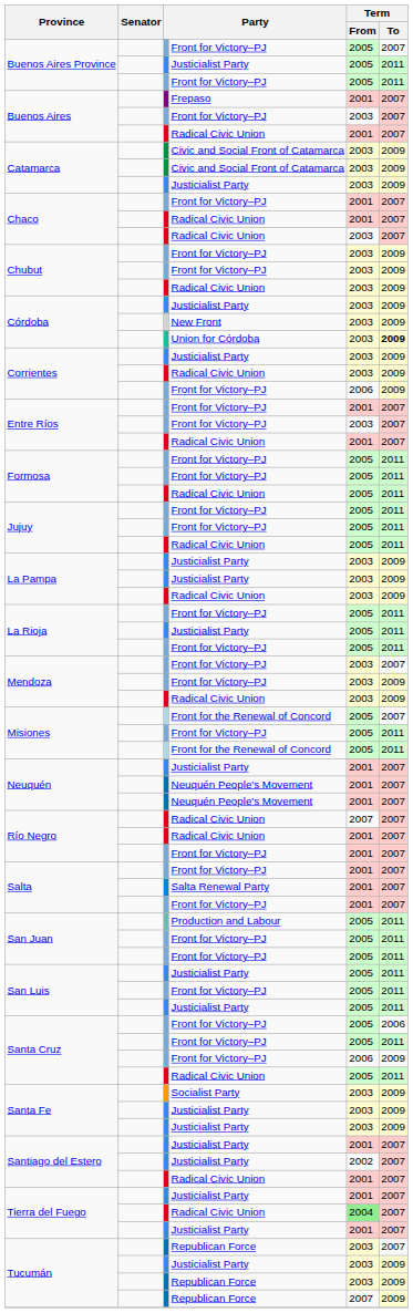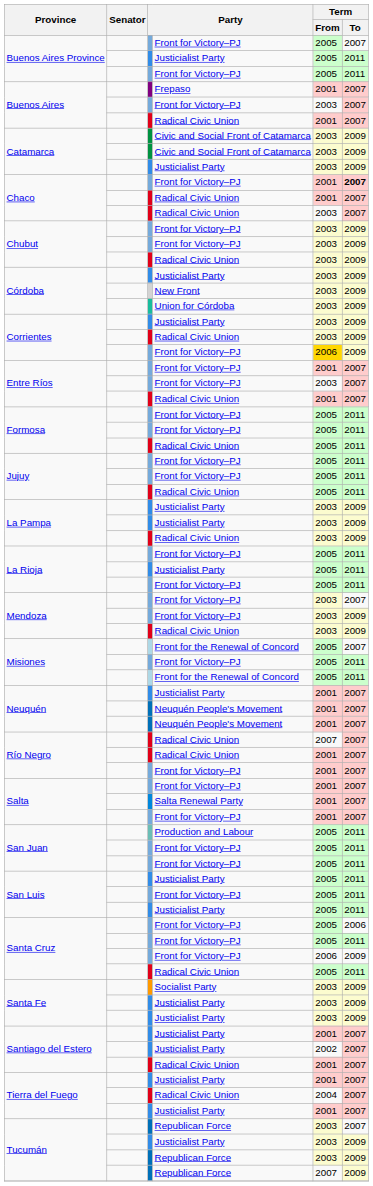 <table class="sortable wikitable">
 <tr>
 <th rowspan=2>Province</th>
 <th rowspan=2>Senator</th>
 <th colspan=2 rowspan=2>Party</th>
 <th colspan=2>Term</th>
 </tr>
 <tr>
 <th>From</th>
 <th>To</th>
 </tr>
 <tr>
 <td rowspan=3><a href='#'>Buenos Aires Province</a></td>
 <td></td>
 <td bgcolor=#75AADB></td>
 <td><a href='#'>Front for Victory–PJ</a></td>
 <td bgcolor=#cfc>2005</td>
 <td>2007</td>
 </tr>
 <tr>
 <td></td>
 <td bgcolor=#318CE7></td>
 <td><a href='#'>Justicialist Party</a></td>
 <td bgcolor=#cfc>2005</td>
 <td bgcolor=#cfc>2011</td>
 </tr>
 <tr>
 <td></td>
 <td bgcolor=#75AADB></td>
 <td><a href='#'>Front for Victory–PJ</a></td>
 <td bgcolor=#cfc>2005</td>
 <td bgcolor=#cfc>2011</td>
 </tr>
 <tr>
 <td rowspan=3><a href='#'>Buenos Aires</a></td>
 <td></td>
 <td bgcolor=purple></td>
 <td><a href='#'>Frepaso</a></td>
 <td bgcolor="#fcc">2001</td>
 <td bgcolor="#fcc">2007</td>
 </tr>
 <tr>
 <td></td>
 <td bgcolor=#75AADB></td>
 <td><a href='#'>Front for Victory–PJ</a></td>
 <td>2003</td>
 <td bgcolor="#fcc">2007</td>
 </tr>
 <tr>
 <td></td>
 <td bgcolor=#E10019></td>
 <td><a href='#'>Radical Civic Union</a></td>
 <td bgcolor="#fcc">2001</td>
 <td bgcolor="#fcc">2007</td>
 </tr>
 <tr>
 <td rowspan=3><a href='#'>Catamarca</a></td>
 <td></td>
 <td bgcolor=#009241></td>
 <td><a href='#'>Civic and Social Front of Catamarca</a></td>
 <td bgcolor=#fcfccf>2003</td>
 <td bgcolor=#fcfccf>2009</td>
 </tr>
 <tr>
 <td></td>
 <td bgcolor=#009241></td>
 <td><a href='#'>Civic and Social Front of Catamarca</a></td>
 <td bgcolor=#fcfccf>2003</td>
 <td bgcolor=#fcfccf>2009</td>
 </tr>
 <tr>
 <td></td>
 <td bgcolor=#318CE7></td>
 <td><a href='#'>Justicialist Party</a></td>
 <td bgcolor=#fcfccf>2003</td>
 <td bgcolor=#fcfccf>2009</td>
 </tr>
 <tr>
 <td rowspan=3><a href='#'>Chaco</a></td>
 <td></td>
 <td bgcolor=#75AADB></td>
 <td><a href='#'>Front for Victory–PJ</a></td>
 <td bgcolor="#fcc">2001</td>
-<td bgcolor="#fcc">2007</td>
+<td bgcolor="#fcc"><strong>2007</strong></td>
 </tr>
 <tr>
 <td></td>
 <td bgcolor=#E10019></td>
 <td><a href='#'>Radical Civic Union</a></td>
 <td bgcolor="#fcc">2001</td>
 <td bgcolor="#fcc">2007</td>
 </tr>
 <tr>
 <td></td>
 <td bgcolor=#E10019></td>
 <td><a href='#'>Radical Civic Union</a></td>
 <td>2003</td>
 <td bgcolor="#fcc">2007</td>
 </tr>
 <tr>
 <td rowspan=3><a href='#'>Chubut</a></td>
 <td></td>
 <td bgcolor=#75AADB></td>
 <td><a href='#'>Front for Victory–PJ</a></td>
 <td bgcolor=#fcfccf>2003</td>
 <td bgcolor=#fcfccf>2009</td>
 </tr>
 <tr>
 <td></td>
 <td bgcolor=#75AADB></td>
 <td><a href='#'>Front for Victory–PJ</a></td>
 <td bgcolor=#fcfccf>2003</td>
 <td bgcolor=#fcfccf>2009</td>
 </tr>
 <tr>
 <td></td>
 <td bgcolor=#E10019></td>
 <td><a href='#'>Radical Civic Union</a></td>
 <td bgcolor=#fcfccf>2003</td>
 <td bgcolor=#fcfccf>2009</td>
 </tr>
 <tr>
 <td rowspan=3><a href='#'>Córdoba</a></td>
 <td></td>
 <td bgcolor=#318CE7></td>
 <td><a href='#'>Justicialist Party</a></td>
 <td bgcolor=#fcfccf>2003</td>
 <td bgcolor=#fcfccf>2009</td>
 </tr>
 <tr>
 <td></td>
 <td bgcolor=#D3D3D3></td>
 <td><a href='#'>New Front</a></td>
 <td bgcolor=#fcfccf>2003</td>
 <td bgcolor=#fcfccf>2009</td>
 </tr>
 <tr>
 <td></td>
 <td bgcolor=#19bc9d></td>
 <td><a href='#'>Union for Córdoba</a></td>
 <td bgcolor=#fcfccf>2003</td>
-<td bgcolor=#fcfccf><strong>2009</strong></td>
+<td bgcolor=#fcfccf>2009</td>
 </tr>
 <tr>
 <td rowspan=3><a href='#'>Corrientes</a></td>
 <td></td>
 <td bgcolor=#318CE7></td>
 <td><a href='#'>Justicialist Party</a></td>
 <td bgcolor=#fcfccf>2003</td>
 <td bgcolor=#fcfccf>2009</td>
 </tr>
 <tr>
 <td></td>
 <td bgcolor=#E10019></td>
 <td><a href='#'>Radical Civic Union</a></td>
 <td bgcolor=#fcfccf>2003</td>
 <td bgcolor=#fcfccf>2009</td>
 </tr>
 <tr>
 <td></td>
 <td bgcolor=#75AADB></td>
 <td><a href='#'>Front for Victory–PJ</a></td>
-<td>2006</td>
+<td style="background: gold;">2006</td>
 <td bgcolor=#fcfccf>2009</td>
 </tr>
 <tr>
 <td rowspan=3><a href='#'>Entre Ríos</a></td>
 <td></td>
 <td bgcolor=#75AADB></td>
 <td><a href='#'>Front for Victory–PJ</a></td>
 <td bgcolor="#fcc">2001</td>
 <td bgcolor="#fcc">2007</td>
 </tr>
 <tr>
 <td></td>
 <td bgcolor=#75AADB></td>
 <td><a href='#'>Front for Victory–PJ</a></td>
 <td>2003</td>
 <td bgcolor="#fcc">2007</td>
 </tr>
 <tr>
 <td></td>
 <td bgcolor=#E10019></td>
 <td><a href='#'>Radical Civic Union</a></td>
 <td bgcolor="#fcc">2001</td>
 <td bgcolor="#fcc">2007</td>
 </tr>
 <tr>
 <td rowspan=3><a href='#'>Formosa</a></td>
 <td></td>
 <td bgcolor=#75AADB></td>
 <td><a href='#'>Front for Victory–PJ</a></td>
 <td bgcolor=#cfc>2005</td>
 <td bgcolor=#cfc>2011</td>
 </tr>
 <tr>
 <td></td>
 <td bgcolor=#75AADB></td>
 <td><a href='#'>Front for Victory–PJ</a></td>
 <td bgcolor=#cfc>2005</td>
 <td bgcolor=#cfc>2011</td>
 </tr>
 <tr>
 <td></td>
 <td bgcolor=#E10019></td>
 <td><a href='#'>Radical Civic Union</a></td>
 <td bgcolor=#cfc>2005</td>
 <td bgcolor=#cfc>2011</td>
 </tr>
 <tr>
 <td rowspan=3><a href='#'>Jujuy</a></td>
 <td></td>
 <td bgcolor=#75AADB></td>
 <td><a href='#'>Front for Victory–PJ</a></td>
 <td bgcolor=#cfc>2005</td>
 <td bgcolor=#cfc>2011</td>
 </tr>
 <tr>
 <td></td>
 <td bgcolor=#75AADB></td>
 <td><a href='#'>Front for Victory–PJ</a></td>
 <td bgcolor=#cfc>2005</td>
 <td bgcolor=#cfc>2011</td>
 </tr>
 <tr>
 <td></td>
 <td bgcolor=#E10019></td>
 <td><a href='#'>Radical Civic Union</a></td>
 <td bgcolor=#cfc>2005</td>
 <td bgcolor=#cfc>2011</td>
 </tr>
 <tr>
 <td rowspan=3><a href='#'>La Pampa</a></td>
 <td></td>
 <td bgcolor=#318CE7></td>
 <td><a href='#'>Justicialist Party</a></td>
 <td bgcolor=#fcfccf>2003</td>
 <td bgcolor=#fcfccf>2009</td>
 </tr>
 <tr>
 <td></td>
 <td bgcolor=#318CE7></td>
 <td><a href='#'>Justicialist Party</a></td>
 <td bgcolor=#fcfccf>2003</td>
 <td bgcolor=#fcfccf>2009</td>
 </tr>
 <tr>
 <td></td>
 <td bgcolor=#E10019></td>
 <td><a href='#'>Radical Civic Union</a></td>
 <td bgcolor=#fcfccf>2003</td>
 <td bgcolor=#fcfccf>2009</td>
 </tr>
 <tr>
 <td rowspan=3><a href='#'>La Rioja</a></td>
 <td></td>
 <td bgcolor=#75AADB></td>
 <td><a href='#'>Front for Victory–PJ</a></td>
 <td bgcolor=#cfc>2005</td>
 <td bgcolor=#cfc>2011</td>
 </tr>
 <tr>
 <td></td>
 <td bgcolor=#318CE7></td>
 <td><a href='#'>Justicialist Party</a></td>
 <td bgcolor=#cfc>2005</td>
 <td bgcolor=#cfc>2011</td>
 </tr>
 <tr>
 <td></td>
 <td bgcolor=#75AADB></td>
 <td><a href='#'>Front for Victory–PJ</a></td>
 <td bgcolor=#cfc>2005</td>
 <td bgcolor=#cfc>2011</td>
 </tr>
 <tr>
 <td rowspan=3><a href='#'>Mendoza</a></td>
 <td></td>
 <td bgcolor=#75AADB></td>
 <td><a href='#'>Front for Victory–PJ</a></td>
 <td bgcolor=#fcfccf>2003</td>
 <td>2007</td>
 </tr>
 <tr>
 <td></td>
 <td bgcolor=#75AADB></td>
 <td><a href='#'>Front for Victory–PJ</a></td>
 <td bgcolor=#fcfccf>2003</td>
 <td bgcolor=#fcfccf>2009</td>
 </tr>
 <tr>
 <td></td>
 <td bgcolor=#E10019></td>
 <td><a href='#'>Radical Civic Union</a></td>
 <td bgcolor=#fcfccf>2003</td>
 <td bgcolor=#fcfccf>2009</td>
 </tr>
 <tr>
 <td rowspan=3><a href='#'>Misiones</a></td>
 <td></td>
 <td bgcolor=#ADD8E6></td>
 <td><a href='#'>Front for the Renewal of Concord</a></td>
 <td bgcolor=#cfc>2005</td>
 <td>2007</td>
 </tr>
 <tr>
 <td></td>
 <td bgcolor=#75AADB></td>
 <td><a href='#'>Front for Victory–PJ</a></td>
 <td bgcolor=#cfc>2005</td>
 <td bgcolor=#cfc>2011</td>
 </tr>
 <tr>
 <td></td>
 <td bgcolor=#ADD8E6></td>
 <td><a href='#'>Front for the Renewal of Concord</a></td>
 <td bgcolor=#cfc>2005</td>
 <td bgcolor=#cfc>2011</td>
 </tr>
 <tr>
 <td rowspan=3><a href='#'>Neuquén</a></td>
 <td></td>
 <td bgcolor=#318CE7></td>
 <td><a href='#'>Justicialist Party</a></td>
 <td bgcolor="#fcc">2001</td>
 <td bgcolor="#fcc">2007</td>
 </tr>
 <tr>
 <td></td>
 <td bgcolor=#0070b8></td>
 <td><a href='#'>Neuquén People's Movement</a></td>
 <td bgcolor="#fcc">2001</td>
 <td bgcolor="#fcc">2007</td>
 </tr>
 <tr>
 <td></td>
 <td bgcolor=#0070b8></td>
 <td><a href='#'>Neuquén People's Movement</a></td>
 <td bgcolor="#fcc">2001</td>
 <td bgcolor="#fcc">2007</td>
 </tr>
 <tr>
 <td rowspan=3><a href='#'>Río Negro</a></td>
 <td></td>
 <td bgcolor=#E10019></td>
 <td><a href='#'>Radical Civic Union</a></td>
 <td>2007</td>
 <td bgcolor="#fcc">2007</td>
 </tr>
 <tr>
 <td></td>
 <td bgcolor=#E10019></td>
 <td><a href='#'>Radical Civic Union</a></td>
 <td bgcolor="#fcc">2001</td>
 <td bgcolor="#fcc">2007</td>
 </tr>
 <tr>
 <td></td>
 <td bgcolor=#75AADB></td>
 <td><a href='#'>Front for Victory–PJ</a></td>
 <td bgcolor="#fcc">2001</td>
 <td bgcolor="#fcc">2007</td>
 </tr>
 <tr>
 <td rowspan=3><a href='#'>Salta</a></td>
 <td></td>
 <td bgcolor=#75AADB></td>
 <td><a href='#'>Front for Victory–PJ</a></td>
 <td bgcolor="#fcc">2001</td>
 <td bgcolor="#fcc">2007</td>
 </tr>
 <tr>
 <td></td>
 <td bgcolor=#0087DC></td>
 <td><a href='#'>Salta Renewal Party</a></td>
 <td bgcolor="#fcc">2001</td>
 <td bgcolor="#fcc">2007</td>
 </tr>
 <tr>
 <td></td>
 <td bgcolor=#75AADB></td>
 <td><a href='#'>Front for Victory–PJ</a></td>
 <td bgcolor="#fcc">2001</td>
 <td bgcolor="#fcc">2007</td>
 </tr>
 <tr>
 <td rowspan=3><a href='#'>San Juan</a></td>
 <td></td>
 <td bgcolor=#6bbeb6></td>
 <td><a href='#'>Production and Labour</a></td>
 <td bgcolor=#cfc>2005</td>
 <td bgcolor=#cfc>2011</td>
 </tr>
 <tr>
 <td></td>
 <td bgcolor=#75AADB></td>
 <td><a href='#'>Front for Victory–PJ</a></td>
 <td bgcolor=#cfc>2005</td>
 <td bgcolor=#cfc>2011</td>
 </tr>
 <tr>
 <td></td>
 <td bgcolor=#75AADB></td>
 <td><a href='#'>Front for Victory–PJ</a></td>
 <td bgcolor=#cfc>2005</td>
 <td bgcolor=#cfc>2011</td>
 </tr>
 <tr>
 <td rowspan=3><a href='#'>San Luis</a></td>
 <td></td>
 <td bgcolor=#318CE7></td>
 <td><a href='#'>Justicialist Party</a></td>
 <td bgcolor=#cfc>2005</td>
 <td bgcolor=#cfc>2011</td>
 </tr>
 <tr>
 <td></td>
 <td bgcolor=#75AADB></td>
 <td><a href='#'>Front for Victory–PJ</a></td>
 <td bgcolor=#cfc>2005</td>
 <td bgcolor=#cfc>2011</td>
 </tr>
 <tr>
 <td></td>
 <td bgcolor=#318CE7></td>
 <td><a href='#'>Justicialist Party</a></td>
 <td bgcolor=#cfc>2005</td>
 <td bgcolor=#cfc>2011</td>
 </tr>
 <tr>
 <td rowspan=4><a href='#'>Santa Cruz</a></td>
 <td></td>
 <td bgcolor=#75AADB></td>
 <td><a href='#'>Front for Victory–PJ</a></td>
 <td bgcolor=#cfc>2005</td>
 <td>2006</td>
 </tr>
 <tr>
 <td></td>
 <td bgcolor=#75AADB></td>
 <td><a href='#'>Front for Victory–PJ</a></td>
 <td bgcolor=#cfc>2005</td>
 <td bgcolor=#cfc>2011</td>
 </tr>
 <tr>
 <td></td>
 <td bgcolor=#75AADB></td>
 <td><a href='#'>Front for Victory–PJ</a></td>
 <td>2006</td>
 <td>2009</td>
 </tr>
 <tr>
 <td></td>
 <td bgcolor=#E10019></td>
 <td><a href='#'>Radical Civic Union</a></td>
 <td bgcolor=#cfc>2005</td>
 <td bgcolor=#cfc>2011</td>
 </tr>
 <tr>
 <td rowspan=3><a href='#'>Santa Fe</a></td>
 <td></td>
 <td bgcolor=#FF9900></td>
 <td><a href='#'>Socialist Party</a></td>
 <td bgcolor=#fcfccf>2003</td>
 <td bgcolor=#fcfccf>2009</td>
 </tr>
 <tr>
 <td></td>
 <td bgcolor=#318CE7></td>
 <td><a href='#'>Justicialist Party</a></td>
 <td bgcolor=#fcfccf>2003</td>
 <td bgcolor=#fcfccf>2009</td>
 </tr>
 <tr>
 <td></td>
 <td bgcolor=#318CE7></td>
 <td><a href='#'>Justicialist Party</a></td>
 <td bgcolor=#fcfccf>2003</td>
 <td bgcolor=#fcfccf>2009</td>
 </tr>
 <tr>
 <td rowspan=3><a href='#'>Santiago del Estero</a></td>
 <td></td>
 <td bgcolor=#318CE7></td>
 <td><a href='#'>Justicialist Party</a></td>
 <td bgcolor="#fcc">2001</td>
 <td bgcolor="#fcc">2007</td>
 </tr>
 <tr>
 <td></td>
 <td bgcolor=#318CE7></td>
 <td><a href='#'>Justicialist Party</a></td>
 <td>2002</td>
 <td bgcolor="#fcc">2007</td>
 </tr>
 <tr>
 <td></td>
 <td bgcolor=#E10019></td>
 <td><a href='#'>Radical Civic Union</a></td>
 <td bgcolor="#fcc">2001</td>
 <td bgcolor="#fcc">2007</td>
 </tr>
 <tr>
 <td rowspan=3><a href='#'>Tierra del Fuego</a></td>
 <td></td>
 <td bgcolor=#318CE7></td>
 <td><a href='#'>Justicialist Party</a></td>
 <td bgcolor="#fcc">2001</td>
 <td bgcolor="#fcc">2007</td>
 </tr>
 <tr>
 <td></td>
 <td bgcolor=#E10019></td>
 <td><a href='#'>Radical Civic Union</a></td>
-<td style="background: lightgreen;">2004</td>
+<td>2004</td>
 <td bgcolor="#fcc">2007</td>
 </tr>
 <tr>
 <td></td>
 <td bgcolor=#318CE7></td>
 <td><a href='#'>Justicialist Party</a></td>
 <td bgcolor="#fcc">2001</td>
 <td bgcolor="#fcc">2007</td>
 </tr>
 <tr>
 <td rowspan=4><a href='#'>Tucumán</a></td>
 <td></td>
 <td bgcolor=#0070B8></td>
 <td><a href='#'>Republican Force</a></td>
 <td bgcolor=#fcfccf>2003</td>
 <td>2007</td>
 </tr>
 <tr>
 <td></td>
 <td bgcolor=#318CE7></td>
 <td><a href='#'>Justicialist Party</a></td>
 <td bgcolor=#fcfccf>2003</td>
 <td bgcolor=#fcfccf>2009</td>
 </tr>
 <tr>
 <td></td>
 <td bgcolor=#0070B8></td>
 <td><a href='#'>Republican Force</a></td>
 <td bgcolor=#fcfccf>2003</td>
 <td bgcolor=#fcfccf>2009</td>
 </tr>
 <tr>
 <td></td>
 <td bgcolor=#0070B8></td>
 <td><a href='#'>Republican Force</a></td>
 <td>2007</td>
 <td bgcolor=#fcfccf>2009</td>
 </tr>
 <tr>
 </tr>
 </table>
